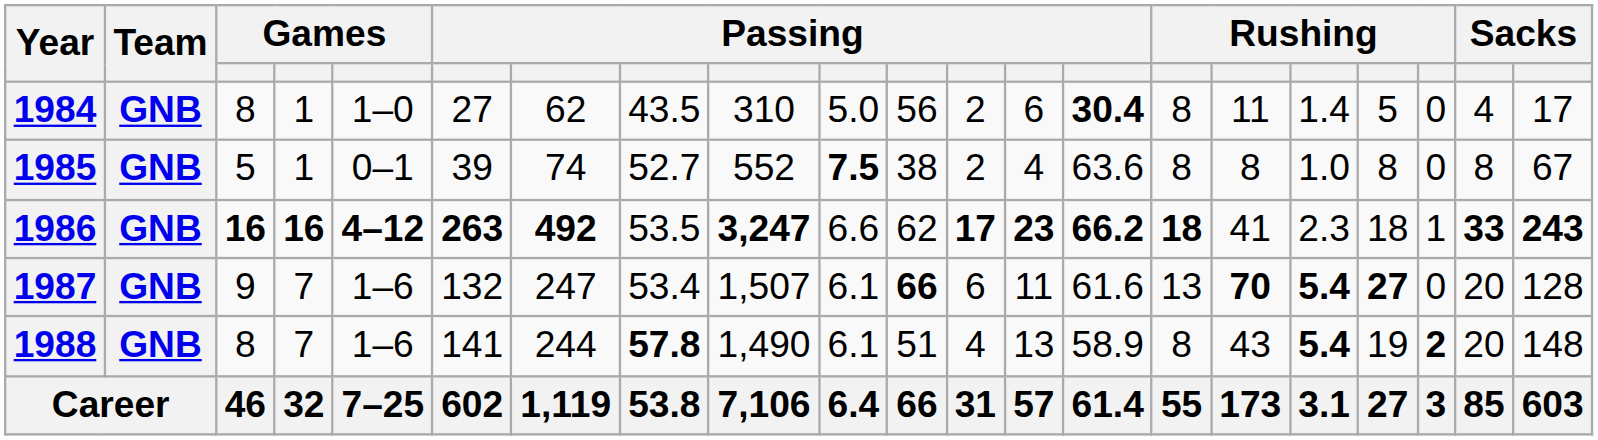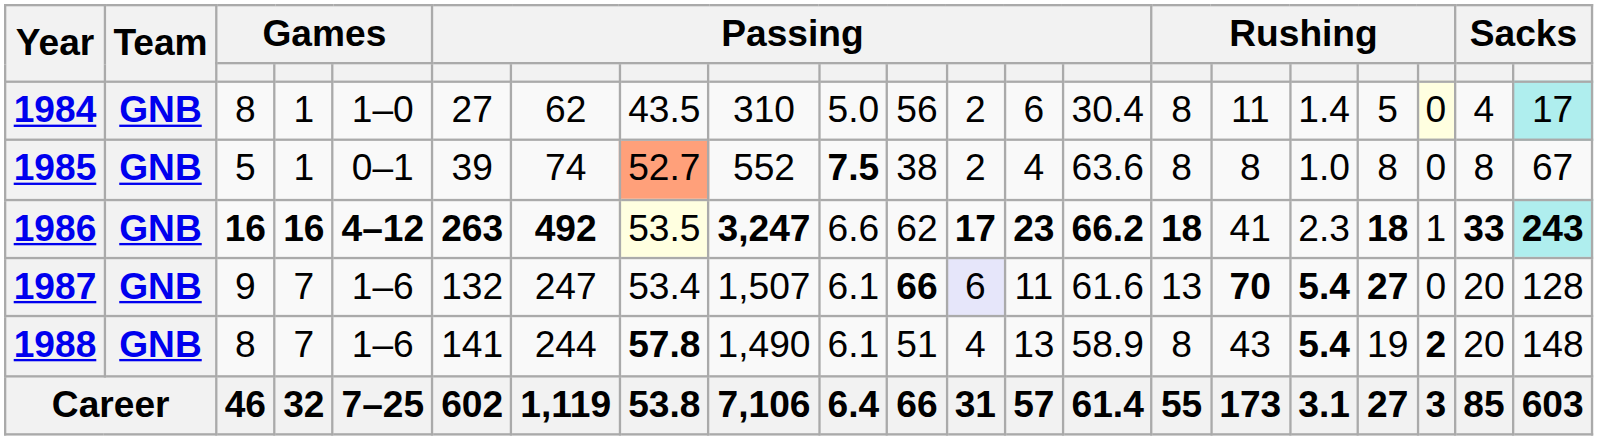 <table class="wikitable" style="text-align:center;">
 <tr>
 <th rowspan="2">Year</th>
 <th rowspan="2">Team</th>
 <th colspan="3">Games</th>
 <th colspan="9">Passing</th>
 <th colspan="5">Rushing</th>
 <th colspan="2">Sacks</th>
 </tr>
 <tr>
 <th></th>
 <th></th>
 <th></th>
 <th></th>
 <th></th>
 <th></th>
 <th></th>
 <th></th>
 <th></th>
 <th></th>
 <th></th>
 <th></th>
 <th></th>
 <th></th>
 <th></th>
 <th></th>
 <th></th>
 <th></th>
 <th></th>
 </tr>
 <tr>
 <th><a href='#'>1984</a></th>
 <th><a href='#'>GNB</a></th>
 <td>8</td>
 <td>1</td>
 <td>1–0</td>
 <td>27</td>
 <td>62</td>
 <td>43.5</td>
 <td>310</td>
 <td>5.0</td>
 <td>56</td>
 <td>2</td>
 <td>6</td>
-<td><strong>30.4</strong></td>
+<td>30.4</td>
 <td>8</td>
 <td>11</td>
 <td>1.4</td>
 <td>5</td>
-<td>0</td>
+<td style="background: lightyellow;">0</td>
 <td>4</td>
-<td>17</td>
+<td style="background: paleturquoise;">17</td>
 </tr>
 <tr>
 <th><a href='#'>1985</a></th>
 <th><a href='#'>GNB</a></th>
 <td>5</td>
 <td>1</td>
 <td>0–1</td>
 <td>39</td>
 <td>74</td>
-<td>52.7</td>
+<td style="background: lightsalmon;">52.7</td>
 <td>552</td>
 <td><strong>7.5</strong></td>
 <td>38</td>
 <td>2</td>
 <td>4</td>
 <td>63.6</td>
 <td>8</td>
 <td>8</td>
 <td>1.0</td>
 <td>8</td>
 <td>0</td>
 <td>8</td>
 <td>67</td>
 </tr>
 <tr>
 <th><a href='#'>1986</a></th>
 <th><a href='#'>GNB</a></th>
 <td><strong>16</strong></td>
 <td><strong>16</strong></td>
 <td><strong>4–12</strong></td>
 <td><strong>263</strong></td>
 <td><strong>492</strong></td>
-<td>53.5</td>
+<td style="background: lightyellow;">53.5</td>
 <td><strong>3,247</strong></td>
 <td>6.6</td>
 <td>62</td>
 <td><strong>17</strong></td>
 <td><strong>23</strong></td>
 <td><strong>66.2</strong></td>
 <td><strong>18</strong></td>
 <td>41</td>
 <td>2.3</td>
-<td>18</td>
+<td><strong>18</strong></td>
 <td>1</td>
 <td><strong>33</strong></td>
-<td><strong>243</strong></td>
+<td style="background: paleturquoise;"><strong>243</strong></td>
 </tr>
 <tr>
 <th><a href='#'>1987</a></th>
 <th><a href='#'>GNB</a></th>
 <td>9</td>
 <td>7</td>
 <td>1–6</td>
 <td>132</td>
 <td>247</td>
 <td>53.4</td>
 <td>1,507</td>
 <td>6.1</td>
 <td><strong>66</strong></td>
-<td>6</td>
+<td style="background: lavender;">6</td>
 <td>11</td>
 <td>61.6</td>
 <td>13</td>
 <td><strong>70</strong></td>
 <td><strong>5.4</strong></td>
 <td><strong>27</strong></td>
 <td>0</td>
 <td>20</td>
 <td>128</td>
 </tr>
 <tr>
 <th><a href='#'>1988</a></th>
 <th><a href='#'>GNB</a></th>
 <td>8</td>
 <td>7</td>
 <td>1–6</td>
 <td>141</td>
 <td>244</td>
 <td><strong>57.8</strong></td>
 <td>1,490</td>
 <td>6.1</td>
 <td>51</td>
 <td>4</td>
 <td>13</td>
 <td>58.9</td>
 <td>8</td>
 <td>43</td>
 <td><strong>5.4</strong></td>
 <td>19</td>
 <td><strong>2</strong></td>
 <td>20</td>
 <td>148</td>
 </tr>
 <tr>
 <th colspan="2">Career</th>
 <th>46</th>
 <th>32</th>
 <th>7–25</th>
 <th>602</th>
 <th>1,119</th>
 <th>53.8</th>
 <th>7,106</th>
 <th>6.4</th>
 <th>66</th>
 <th>31</th>
 <th>57</th>
 <th>61.4</th>
 <th>55</th>
 <th>173</th>
 <th>3.1</th>
 <th>27</th>
 <th>3</th>
 <th>85</th>
 <th>603</th>
 </tr>
 </table>
